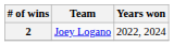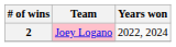 <table class="wikitable" style="font-size: 95%;">
 <tr>
 <th># of wins</th>
 <th>Team</th>
 <th>Years won</th>
 </tr>
 <tr>
 <th>2</th>
-<td><a href='#'>Joey Logano</a></td>
+<td style="background: pink;"><a href='#'>Joey Logano</a></td>
 <td>2022, 2024</td>
 </tr>
 <tr>
 </tr>
 </table>
